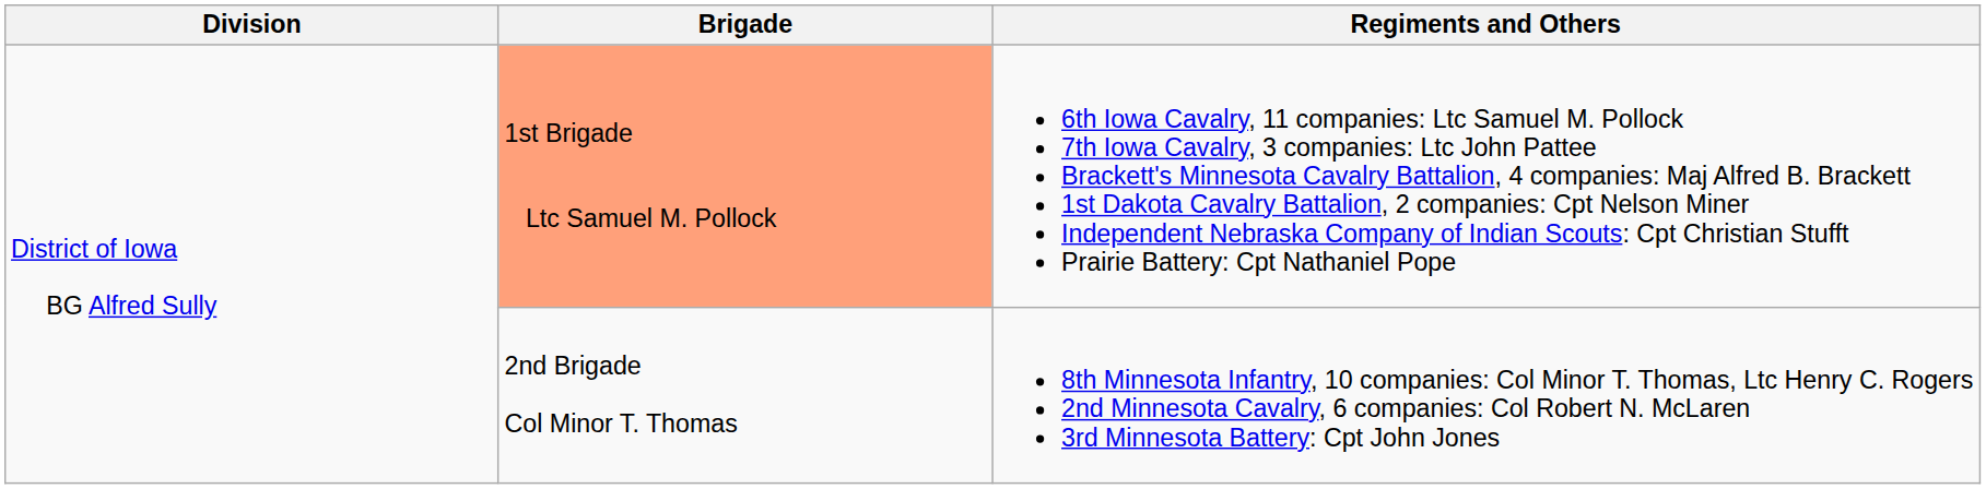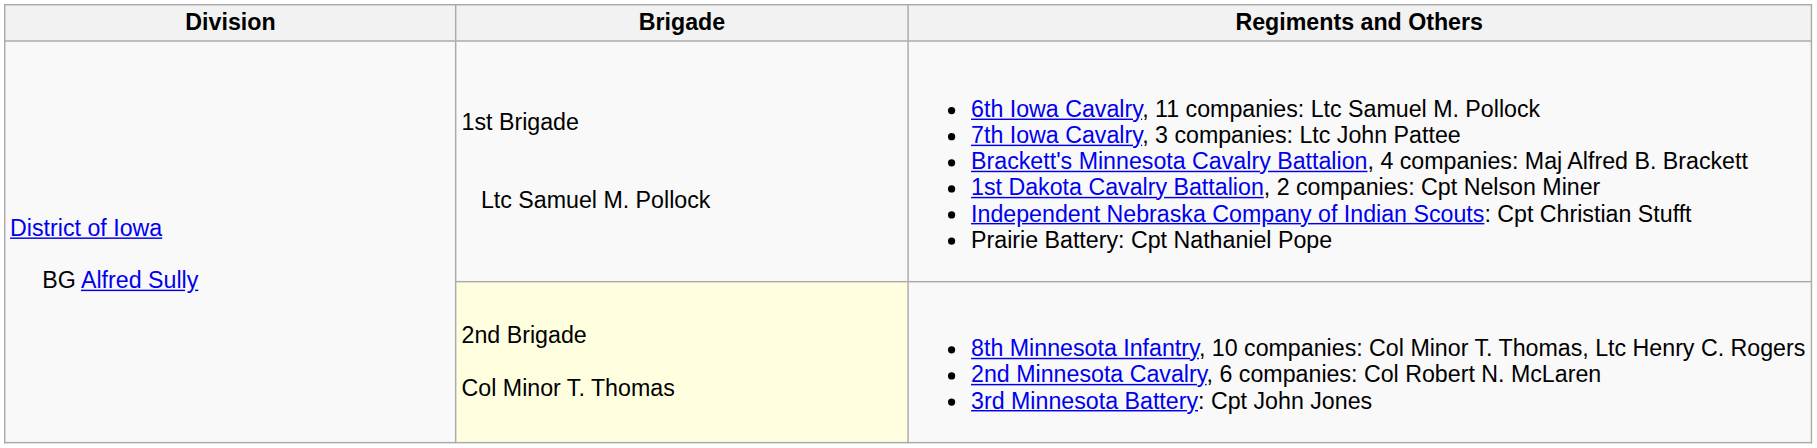 <table class="wikitable">
 <tr>
 <th width=25%>Division</th>
 <th width=25%>Brigade</th>
 <th>Regiments and Others</th>
 </tr>
 <tr>
 <td rowspan=2><br><a href='#'>District of Iowa</a><br><br>     BG <a href='#'>Alfred Sully</a></td>
-<td style="background: lightsalmon;">1st Brigade<br><br><br>   Ltc Samuel M. Pollock</td>
+<td>1st Brigade<br><br><br>   Ltc Samuel M. Pollock</td>
 <td><br><ul><li><a href='#'>6th Iowa Cavalry</a>, 11 companies: Ltc Samuel M. Pollock</li><li><a href='#'>7th Iowa Cavalry</a>, 3 companies: Ltc John Pattee</li><li><a href='#'>Brackett's Minnesota Cavalry Battalion</a>, 4 companies: Maj Alfred B. Brackett</li><li><a href='#'>1st Dakota Cavalry Battalion</a>, 2 companies: Cpt Nelson Miner</li><li><a href='#'>Independent Nebraska Company of Indian Scouts</a>: Cpt Christian Stufft</li><li>Prairie Battery: Cpt Nathaniel Pope</li></ul></td>
 </tr>
 <tr>
-<td>2nd Brigade<br><br>Col Minor T. Thomas</td>
+<td style="background: lightyellow;">2nd Brigade<br><br>Col Minor T. Thomas</td>
 <td><br><ul><li><a href='#'>8th Minnesota Infantry</a>, 10 companies: Col Minor T. Thomas, Ltc Henry C. Rogers</li><li><a href='#'>2nd Minnesota Cavalry</a>, 6 companies: Col Robert N. McLaren</li><li><a href='#'>3rd Minnesota Battery</a>: Cpt John Jones</li></ul></td>
 </tr>
 </table>
